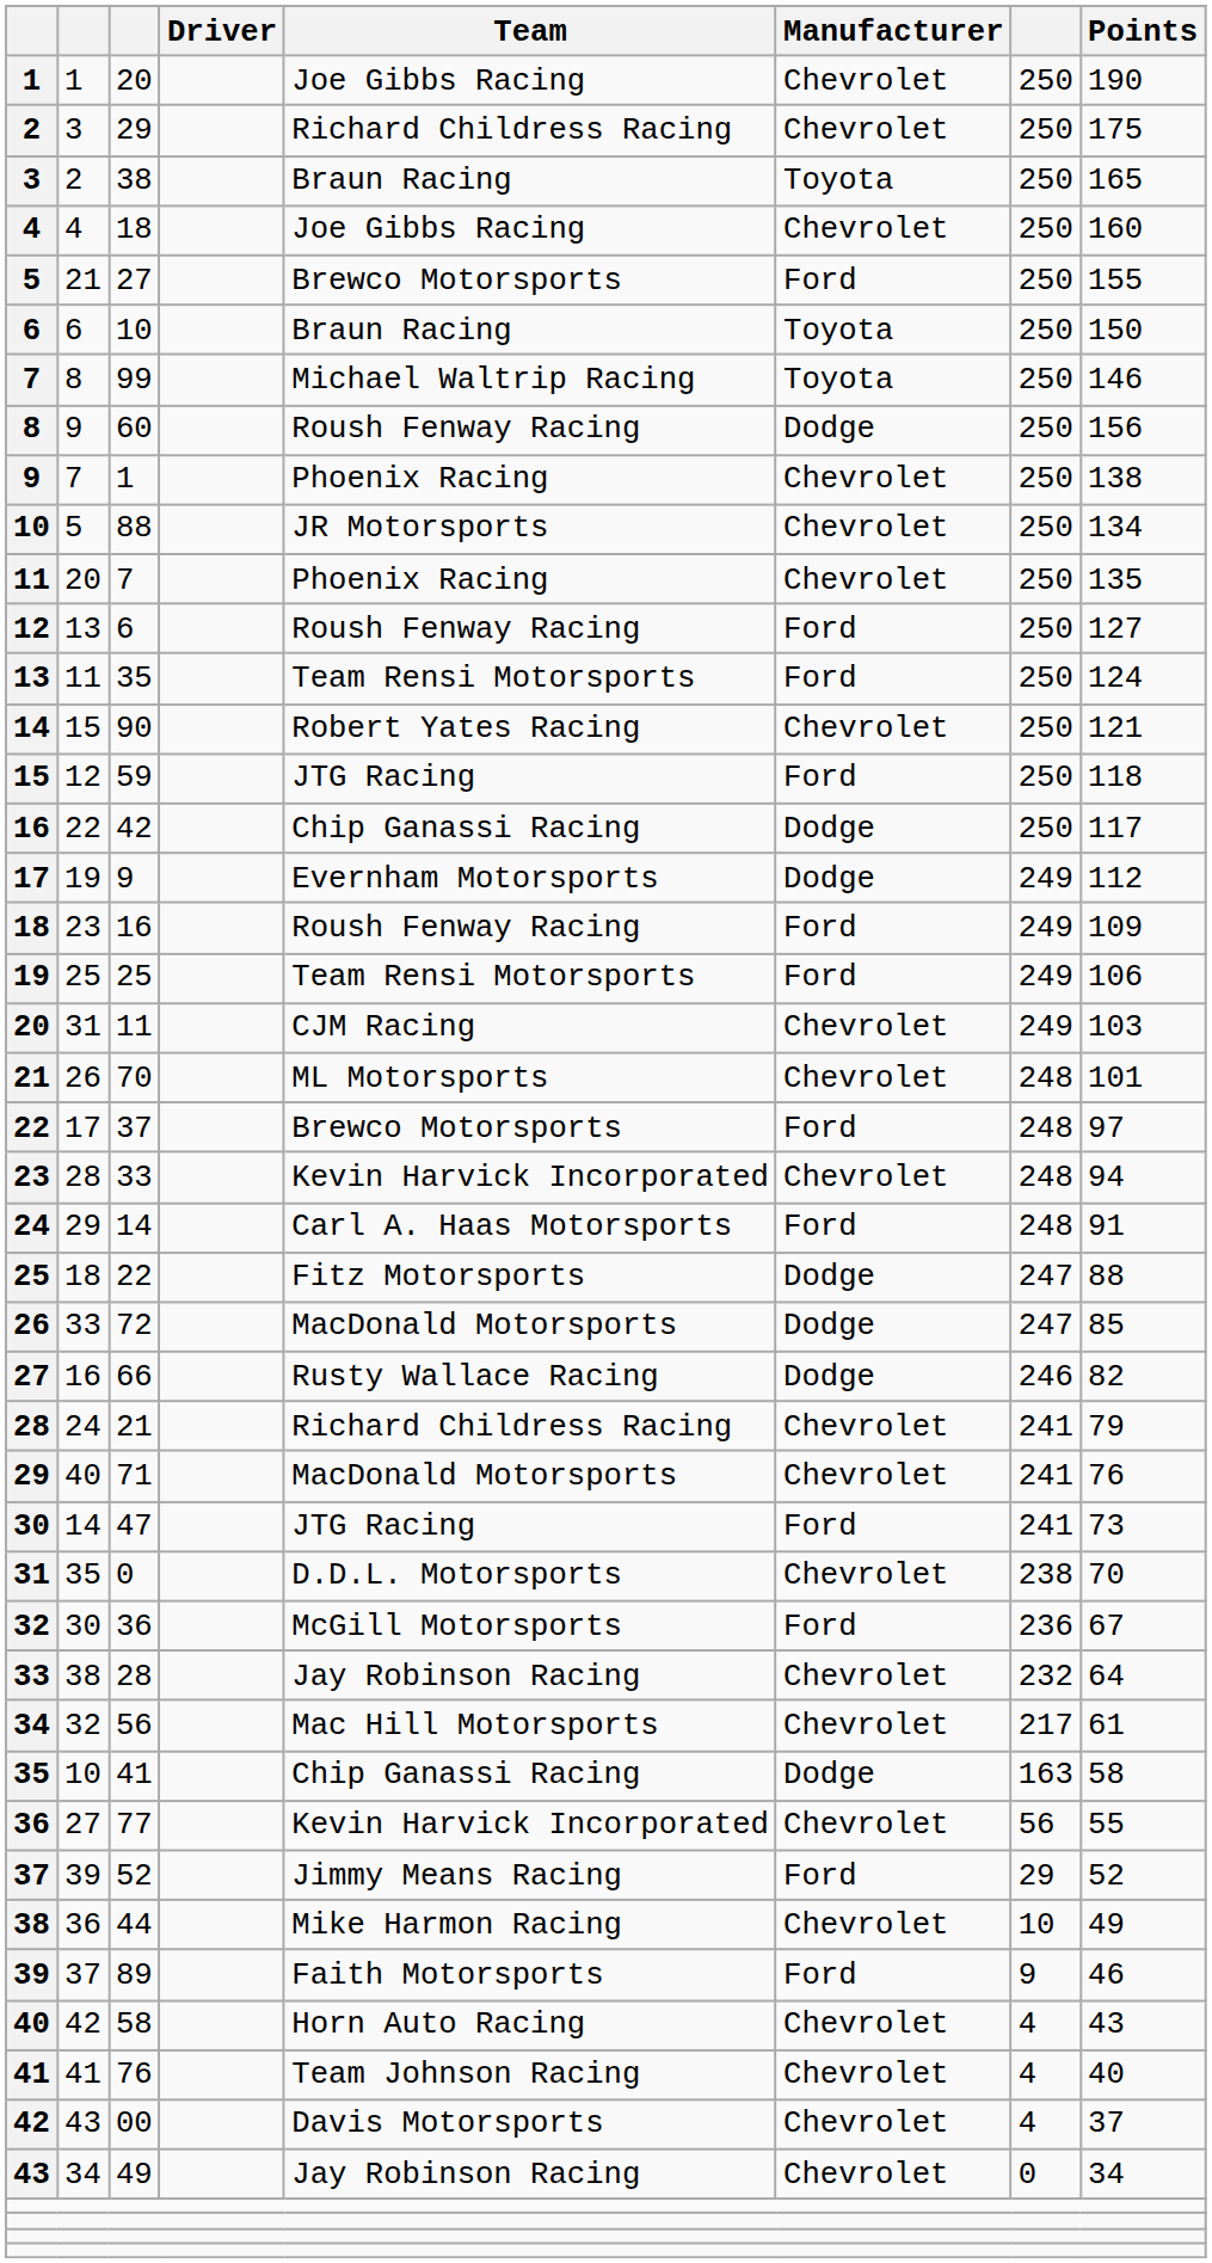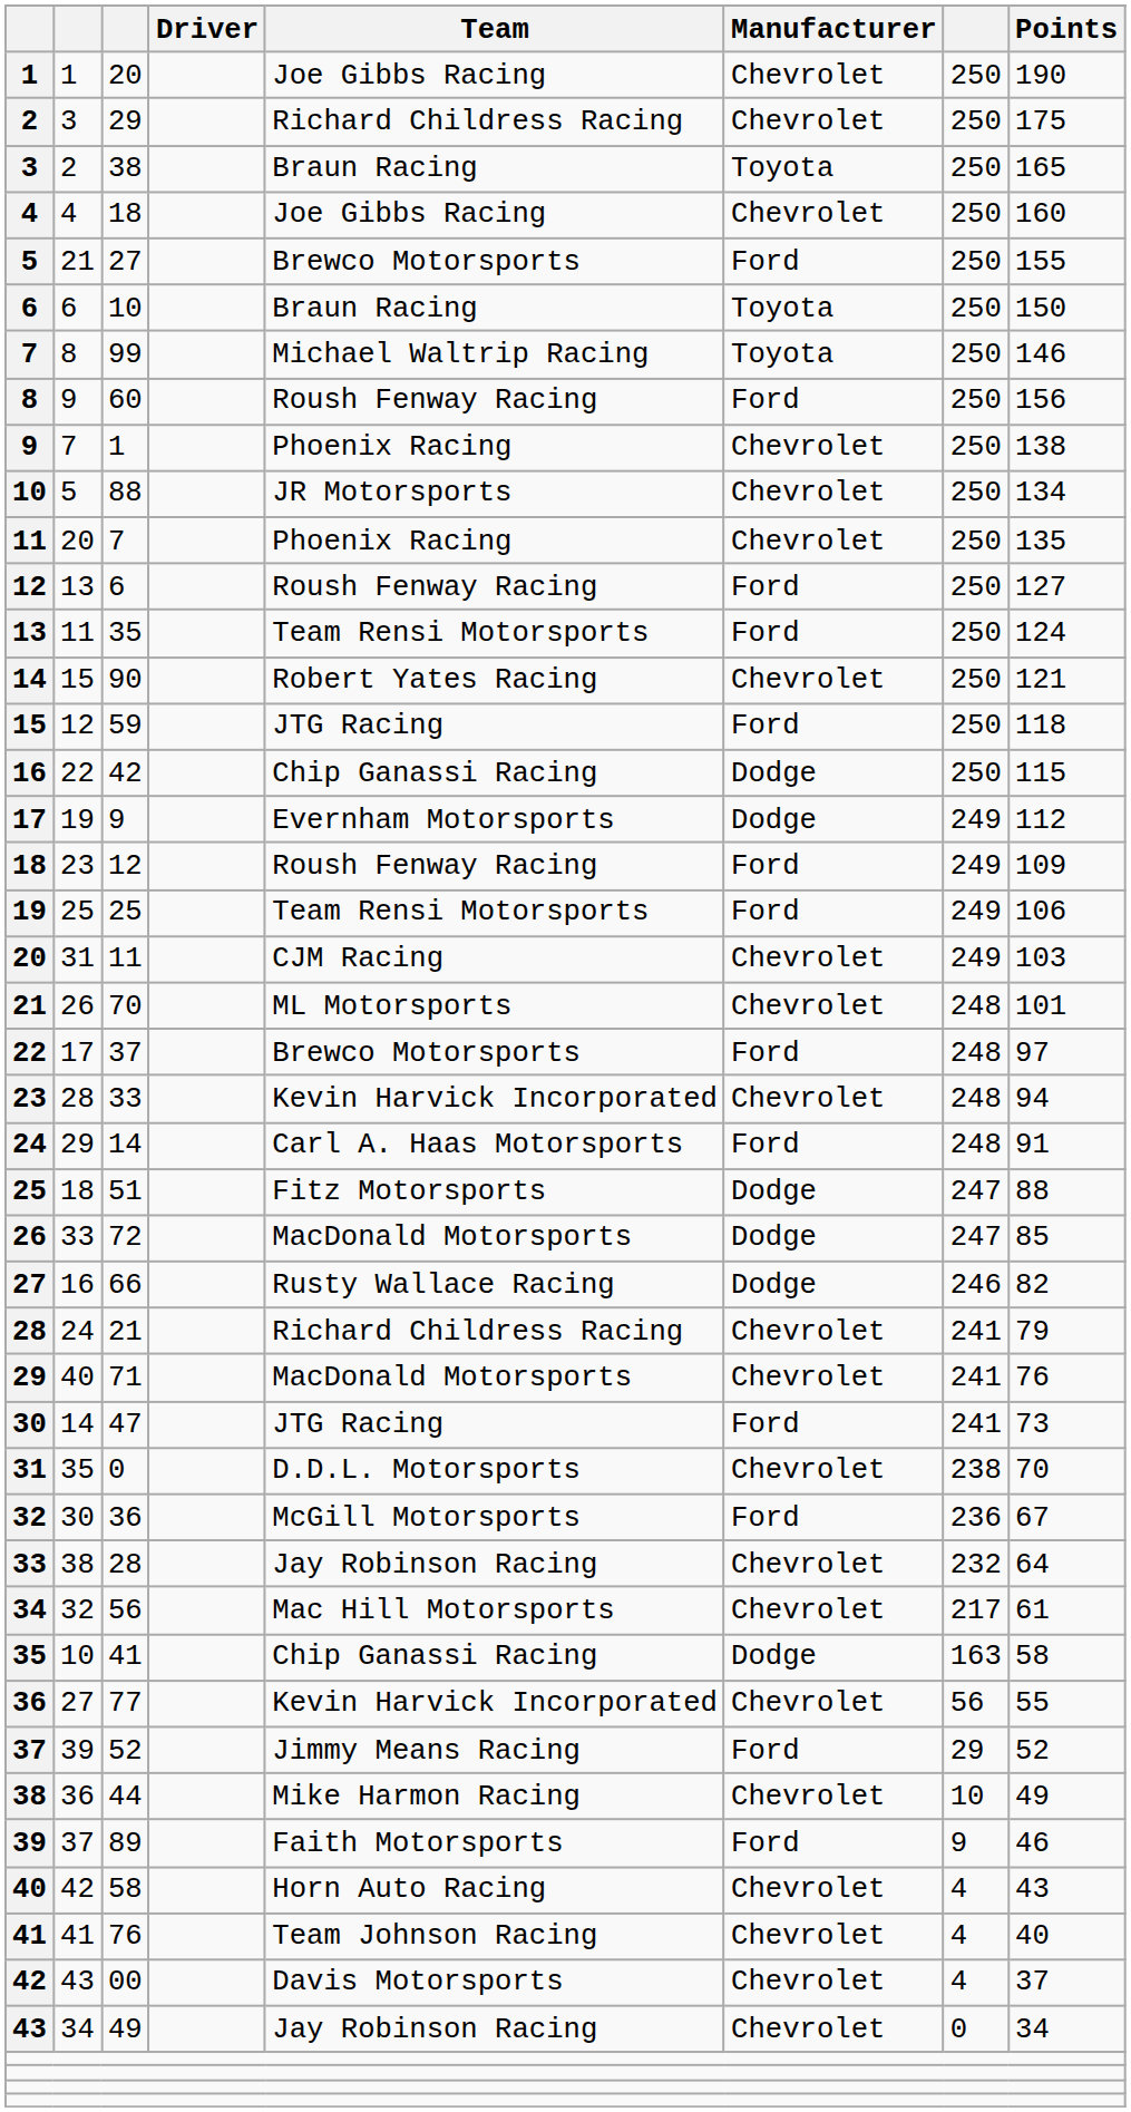 <table class="sortable wikitable" border="1">
 <tr>
 </tr>
 <tr>
 <th scope="col"></th>
 <th scope="col"></th>
 <th scope="col"></th>
 <th scope="col">Driver</th>
 <th scope="col">Team</th>
 <th scope="col">Manufacturer</th>
 <th scope="col"></th>
 <th scope="col">Points</th>
 </tr>
 <tr>
 <th scope="row">1</th>
 <td>1</td>
 <td>20</td>
 <td></td>
 <td>Joe Gibbs Racing</td>
 <td>Chevrolet</td>
 <td>250</td>
 <td>190</td>
 </tr>
 <tr>
 <th scope="row">2</th>
 <td>3</td>
 <td>29</td>
 <td></td>
 <td>Richard Childress Racing</td>
 <td>Chevrolet</td>
 <td>250</td>
 <td>175</td>
 </tr>
 <tr>
 <th scope="row">3</th>
 <td>2</td>
 <td>38</td>
 <td></td>
 <td>Braun Racing</td>
 <td>Toyota</td>
 <td>250</td>
 <td>165</td>
 </tr>
 <tr>
 <th scope="row">4</th>
 <td>4</td>
 <td>18</td>
 <td></td>
 <td>Joe Gibbs Racing</td>
 <td>Chevrolet</td>
 <td>250</td>
 <td>160</td>
 </tr>
 <tr>
 <th scope="row">5</th>
 <td>21</td>
 <td>27</td>
 <td></td>
 <td>Brewco Motorsports</td>
 <td>Ford</td>
 <td>250</td>
 <td>155</td>
 </tr>
 <tr>
 <th scope="row">6</th>
 <td>6</td>
 <td>10</td>
 <td></td>
 <td>Braun Racing</td>
 <td>Toyota</td>
 <td>250</td>
 <td>150</td>
 </tr>
 <tr>
 <th scope="row">7</th>
 <td>8</td>
 <td>99</td>
 <td></td>
 <td>Michael Waltrip Racing</td>
 <td>Toyota</td>
 <td>250</td>
 <td>146</td>
 </tr>
 <tr>
 <th scope="row">8</th>
 <td>9</td>
 <td>60</td>
 <td></td>
 <td>Roush Fenway Racing</td>
-<td>Dodge</td>
+<td>Ford</td>
 <td>250</td>
 <td>156</td>
 </tr>
 <tr>
 <th scope="row">9</th>
 <td>7</td>
 <td>1</td>
 <td></td>
 <td>Phoenix Racing</td>
 <td>Chevrolet</td>
 <td>250</td>
 <td>138</td>
 </tr>
 <tr>
 <th scope="row">10</th>
 <td>5</td>
 <td>88</td>
 <td></td>
 <td>JR Motorsports</td>
 <td>Chevrolet</td>
 <td>250</td>
 <td>134</td>
 </tr>
 <tr>
 <th scope="row">11</th>
 <td>20</td>
 <td>7</td>
 <td></td>
 <td>Phoenix Racing</td>
 <td>Chevrolet</td>
 <td>250</td>
 <td>135</td>
 </tr>
 <tr>
 <th scope="row">12</th>
 <td>13</td>
 <td>6</td>
 <td></td>
 <td>Roush Fenway Racing</td>
 <td>Ford</td>
 <td>250</td>
 <td>127</td>
 </tr>
 <tr>
 <th scope="row">13</th>
 <td>11</td>
 <td>35</td>
 <td></td>
 <td>Team Rensi Motorsports</td>
 <td>Ford</td>
 <td>250</td>
 <td>124</td>
 </tr>
 <tr>
 <th scope="row">14</th>
 <td>15</td>
 <td>90</td>
 <td></td>
 <td>Robert Yates Racing</td>
 <td>Chevrolet</td>
 <td>250</td>
 <td>121</td>
 </tr>
 <tr>
 <th scope="row">15</th>
 <td>12</td>
 <td>59</td>
 <td></td>
 <td>JTG Racing</td>
 <td>Ford</td>
 <td>250</td>
 <td>118</td>
 </tr>
 <tr>
 <th scope="row">16</th>
 <td>22</td>
 <td>42</td>
 <td></td>
 <td>Chip Ganassi Racing</td>
 <td>Dodge</td>
 <td>250</td>
-<td>117</td>
+<td>115</td>
 </tr>
 <tr>
 <th scope="row">17</th>
 <td>19</td>
 <td>9</td>
 <td></td>
 <td>Evernham Motorsports</td>
 <td>Dodge</td>
 <td>249</td>
 <td>112</td>
 </tr>
 <tr>
 <th scope="row">18</th>
 <td>23</td>
-<td>16</td>
+<td>12</td>
 <td></td>
 <td>Roush Fenway Racing</td>
 <td>Ford</td>
 <td>249</td>
 <td>109</td>
 </tr>
 <tr>
 <th scope="row">19</th>
 <td>25</td>
 <td>25</td>
 <td></td>
 <td>Team Rensi Motorsports</td>
 <td>Ford</td>
 <td>249</td>
 <td>106</td>
 </tr>
 <tr>
 <th scope="row">20</th>
 <td>31</td>
 <td>11</td>
 <td></td>
 <td>CJM Racing</td>
 <td>Chevrolet</td>
 <td>249</td>
 <td>103</td>
 </tr>
 <tr>
 <th scope="row">21</th>
 <td>26</td>
 <td>70</td>
 <td></td>
 <td>ML Motorsports</td>
 <td>Chevrolet</td>
 <td>248</td>
 <td>101</td>
 </tr>
 <tr>
 <th scope="row">22</th>
 <td>17</td>
 <td>37</td>
 <td></td>
 <td>Brewco Motorsports</td>
 <td>Ford</td>
 <td>248</td>
 <td>97</td>
 </tr>
 <tr>
 <th scope="row">23</th>
 <td>28</td>
 <td>33</td>
 <td></td>
 <td>Kevin Harvick Incorporated</td>
 <td>Chevrolet</td>
 <td>248</td>
 <td>94</td>
 </tr>
 <tr>
 <th scope="row">24</th>
 <td>29</td>
 <td>14</td>
 <td></td>
 <td>Carl A. Haas Motorsports</td>
 <td>Ford</td>
 <td>248</td>
 <td>91</td>
 </tr>
 <tr>
 <th scope="row">25</th>
 <td>18</td>
-<td>22</td>
+<td>51</td>
 <td></td>
 <td>Fitz Motorsports</td>
 <td>Dodge</td>
 <td>247</td>
 <td>88</td>
 </tr>
 <tr>
 <th scope="row">26</th>
 <td>33</td>
 <td>72</td>
 <td></td>
 <td>MacDonald Motorsports</td>
 <td>Dodge</td>
 <td>247</td>
 <td>85</td>
 </tr>
 <tr>
 <th scope="row">27</th>
 <td>16</td>
 <td>66</td>
 <td></td>
 <td>Rusty Wallace Racing</td>
 <td>Dodge</td>
 <td>246</td>
 <td>82</td>
 </tr>
 <tr>
 <th scope="row">28</th>
 <td>24</td>
 <td>21</td>
 <td></td>
 <td>Richard Childress Racing</td>
 <td>Chevrolet</td>
 <td>241</td>
 <td>79</td>
 </tr>
 <tr>
 <th scope="row">29</th>
 <td>40</td>
 <td>71</td>
 <td></td>
 <td>MacDonald Motorsports</td>
 <td>Chevrolet</td>
 <td>241</td>
 <td>76</td>
 </tr>
 <tr>
 <th scope="row">30</th>
 <td>14</td>
 <td>47</td>
 <td></td>
 <td>JTG Racing</td>
 <td>Ford</td>
 <td>241</td>
 <td>73</td>
 </tr>
 <tr>
 <th scope="row">31</th>
 <td>35</td>
 <td>0</td>
 <td></td>
 <td>D.D.L. Motorsports</td>
 <td>Chevrolet</td>
 <td>238</td>
 <td>70</td>
 </tr>
 <tr>
 <th scope="row">32</th>
 <td>30</td>
 <td>36</td>
 <td></td>
 <td>McGill Motorsports</td>
 <td>Ford</td>
 <td>236</td>
 <td>67</td>
 </tr>
 <tr>
 <th scope="row">33</th>
 <td>38</td>
 <td>28</td>
 <td></td>
 <td>Jay Robinson Racing</td>
 <td>Chevrolet</td>
 <td>232</td>
 <td>64</td>
 </tr>
 <tr>
 <th scope="row">34</th>
 <td>32</td>
 <td>56</td>
 <td></td>
 <td>Mac Hill Motorsports</td>
 <td>Chevrolet</td>
 <td>217</td>
 <td>61</td>
 </tr>
 <tr>
 <th scope="row">35</th>
 <td>10</td>
 <td>41</td>
 <td></td>
 <td>Chip Ganassi Racing</td>
 <td>Dodge</td>
 <td>163</td>
 <td>58</td>
 </tr>
 <tr>
 <th scope="row">36</th>
 <td>27</td>
 <td>77</td>
 <td></td>
 <td>Kevin Harvick Incorporated</td>
 <td>Chevrolet</td>
 <td>56</td>
 <td>55</td>
 </tr>
 <tr>
 <th scope="row">37</th>
 <td>39</td>
 <td>52</td>
 <td></td>
 <td>Jimmy Means Racing</td>
 <td>Ford</td>
 <td>29</td>
 <td>52</td>
 </tr>
 <tr>
 <th scope="row">38</th>
 <td>36</td>
 <td>44</td>
 <td></td>
 <td>Mike Harmon Racing</td>
 <td>Chevrolet</td>
 <td>10</td>
 <td>49</td>
 </tr>
 <tr>
 <th scope="row">39</th>
 <td>37</td>
 <td>89</td>
 <td></td>
 <td>Faith Motorsports</td>
 <td>Ford</td>
 <td>9</td>
 <td>46</td>
 </tr>
 <tr>
 <th scope="row">40</th>
 <td>42</td>
 <td>58</td>
 <td></td>
 <td>Horn Auto Racing</td>
 <td>Chevrolet</td>
 <td>4</td>
 <td>43</td>
 </tr>
 <tr>
 <th scope="row">41</th>
 <td>41</td>
 <td>76</td>
 <td></td>
 <td>Team Johnson Racing</td>
 <td>Chevrolet</td>
 <td>4</td>
 <td>40</td>
 </tr>
 <tr>
 <th scope="row">42</th>
 <td>43</td>
 <td>00</td>
 <td></td>
 <td>Davis Motorsports</td>
 <td>Chevrolet</td>
 <td>4</td>
 <td>37</td>
 </tr>
 <tr>
 <th scope="row">43</th>
 <td>34</td>
 <td>49</td>
 <td></td>
 <td>Jay Robinson Racing</td>
 <td>Chevrolet</td>
 <td>0</td>
 <td>34</td>
 </tr>
 <tr class="sortbottom">
 <td colspan="9"></td>
 </tr>
 <tr class="sortbottom">
 <td colspan="9"></td>
 </tr>
 <tr class="sortbottom">
 <td colspan="9"></td>
 </tr>
 <tr class="sortbottom">
 <td colspan="9"></td>
 </tr>
 </table>
